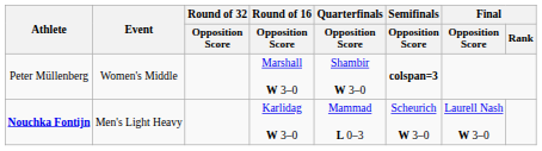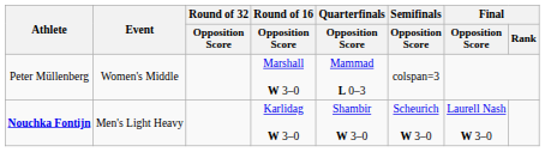 <table class="wikitable" style="font-size:90%">
 <tr>
 <th rowspan=2>Athlete</th>
 <th rowspan=2>Event</th>
 <th>Round of 32</th>
 <th>Round of 16</th>
 <th>Quarterfinals</th>
 <th>Semifinals</th>
 <th colspan=2>Final</th>
 </tr>
 <tr style="font-size:95%">
 <th>Opposition<br>Score</th>
 <th>Opposition<br>Score</th>
 <th>Opposition<br>Score</th>
 <th>Opposition<br>Score</th>
 <th>Opposition<br>Score</th>
 <th>Rank</th>
 </tr>
 <tr align=center>
 <td>Peter Müllenberg</td>
 <td>Women's Middle</td>
 <td></td>
 <td><a href='#'>Marshall</a><br><br><strong>W</strong> 3–0</td>
-<td><a href='#'>Shambir</a><br><br><strong>W</strong> 3–0</td>
-<td><strong>colspan=3 </strong></td>
+<td><a href='#'>Mammad</a><br><br><strong>L</strong> 0–3</td>
+<td>colspan=3 </td>
 </tr>
 <tr align=center>
 <td><strong><a href='#'>Nouchka Fontijn</a></strong></td>
 <td>Men's Light Heavy</td>
 <td></td>
 <td><a href='#'>Karlidag</a><br><br><strong>W</strong> 3–0</td>
-<td><a href='#'>Mammad</a><br><br><strong>L</strong> 0–3</td>
+<td><a href='#'>Shambir</a><br><br><strong>W</strong> 3–0</td>
 <td><a href='#'>Scheurich</a><br><br><strong>W</strong> 3–0</td>
 <td><a href='#'>Laurell Nash</a><br><br><strong>W</strong> 3–0</td>
 <td></td>
 </tr>
 </table>
